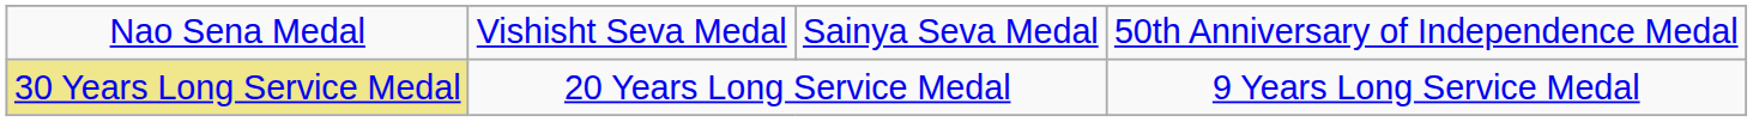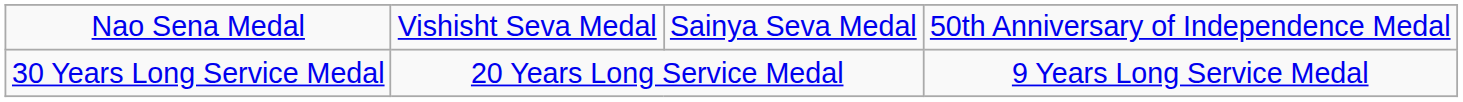 <table class="wikitable" style="margin:1em auto; text-align:center;">
 <tr>
 <td><a href='#'>Nao Sena Medal</a></td>
 <td><a href='#'>Vishisht Seva Medal</a></td>
 <td><a href='#'>Sainya Seva Medal</a></td>
 <td><a href='#'>50th Anniversary of Independence Medal</a></td>
 </tr>
 <tr>
-<td style="background: khaki;"><a href='#'>30 Years Long Service Medal</a></td>
+<td><a href='#'>30 Years Long Service Medal</a></td>
 <td colspan="2"><a href='#'>20 Years Long Service Medal</a></td>
 <td><a href='#'>9 Years Long Service Medal</a></td>
 </tr>
 </table>
